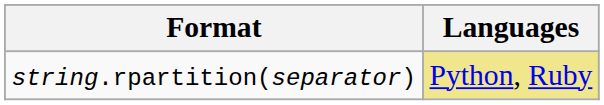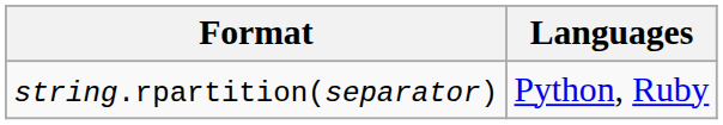 <table class="wikitable sortable">
 <tr style="text-align:left;">
 <th>Format</th>
 <th>Languages</th>
 </tr>
 <tr>
 <td><code><em>string</em>.rpartition(<em>separator</em>)</code></td>
-<td style="background: khaki;"><a href='#'>Python</a>, <a href='#'>Ruby</a></td>
+<td><a href='#'>Python</a>, <a href='#'>Ruby</a></td>
 </tr>
 </table>
